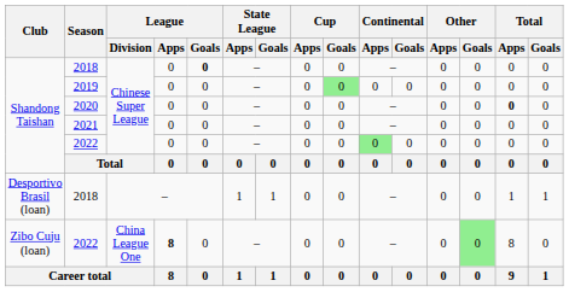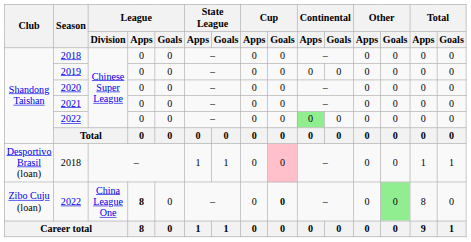 <table class="wikitable" style="text-align: center">
 <tr>
 <th rowspan="2">Club</th>
 <th rowspan="2">Season</th>
 <th colspan="3">League</th>
 <th colspan="2">State League</th>
 <th colspan="2">Cup</th>
 <th colspan="2">Continental</th>
 <th colspan="2">Other</th>
 <th colspan="2">Total</th>
 </tr>
 <tr>
 <th>Division</th>
 <th>Apps</th>
 <th>Goals</th>
 <th>Apps</th>
 <th>Goals</th>
 <th>Apps</th>
 <th>Goals</th>
 <th>Apps</th>
 <th>Goals</th>
 <th>Apps</th>
 <th>Goals</th>
 <th>Apps</th>
 <th>Goals</th>
 </tr>
 <tr>
 <td rowspan="6"><a href='#'>Shandong Taishan</a></td>
 <td><a href='#'>2018</a></td>
 <td rowspan="5"><a href='#'>Chinese Super League</a></td>
 <td>0</td>
-<td><strong>0</strong></td>
+<td>0</td>
 <td colspan="2">–</td>
 <td>0</td>
 <td>0</td>
 <td colspan="2">–</td>
 <td>0</td>
 <td>0</td>
 <td>0</td>
 <td>0</td>
 </tr>
 <tr>
 <td><a href='#'>2019</a></td>
 <td>0</td>
 <td>0</td>
 <td colspan="2">–</td>
 <td>0</td>
-<td style="background: lightgreen;">0</td>
+<td>0</td>
 <td>0</td>
 <td>0</td>
 <td>0</td>
 <td>0</td>
 <td>0</td>
 <td>0</td>
 </tr>
 <tr>
 <td><a href='#'>2020</a></td>
 <td>0</td>
 <td>0</td>
 <td colspan="2">–</td>
 <td>0</td>
 <td>0</td>
 <td colspan="2">–</td>
 <td>0</td>
 <td>0</td>
-<td><strong>0</strong></td>
+<td>0</td>
 <td>0</td>
 </tr>
 <tr>
 <td><a href='#'>2021</a></td>
 <td>0</td>
 <td>0</td>
 <td colspan="2">–</td>
 <td>0</td>
 <td>0</td>
 <td colspan="2">–</td>
 <td>0</td>
 <td>0</td>
 <td>0</td>
 <td>0</td>
 </tr>
 <tr>
 <td><a href='#'>2022</a></td>
 <td>0</td>
 <td>0</td>
 <td colspan="2">–</td>
 <td>0</td>
 <td>0</td>
 <td style="background: lightgreen;">0</td>
 <td>0</td>
 <td>0</td>
 <td>0</td>
 <td>0</td>
 <td>0</td>
 </tr>
 <tr>
 <th colspan=2>Total</th>
 <th>0</th>
 <th>0</th>
 <th>0</th>
 <th>0</th>
 <th>0</th>
 <th>0</th>
 <th>0</th>
 <th>0</th>
 <th>0</th>
 <th>0</th>
 <th>0</th>
 <th>0</th>
 </tr>
 <tr>
 <td><a href='#'>Desportivo Brasil</a> (loan)</td>
 <td>2018</td>
 <td colspan="3">–</td>
 <td>1</td>
 <td>1</td>
 <td>0</td>
-<td>0</td>
+<td style="background: pink;">0</td>
 <td colspan="2">–</td>
 <td>0</td>
 <td>0</td>
 <td>1</td>
 <td>1</td>
 </tr>
 <tr>
 <td><a href='#'>Zibo Cuju</a> (loan)</td>
 <td><a href='#'>2022</a></td>
 <td><a href='#'>China League One</a></td>
 <td><strong>8</strong></td>
 <td>0</td>
 <td colspan="2">–</td>
 <td>0</td>
-<td>0</td>
+<td><strong>0</strong></td>
 <td colspan="2">–</td>
 <td>0</td>
 <td style="background: lightgreen;">0</td>
 <td>8</td>
 <td>0</td>
 </tr>
 <tr>
 <th colspan=3>Career total</th>
 <th>8</th>
 <th>0</th>
 <th>1</th>
 <th>1</th>
 <th>0</th>
 <th>0</th>
 <th>0</th>
 <th>0</th>
 <th>0</th>
 <th>0</th>
 <th>9</th>
 <th>1</th>
 </tr>
 </table>
